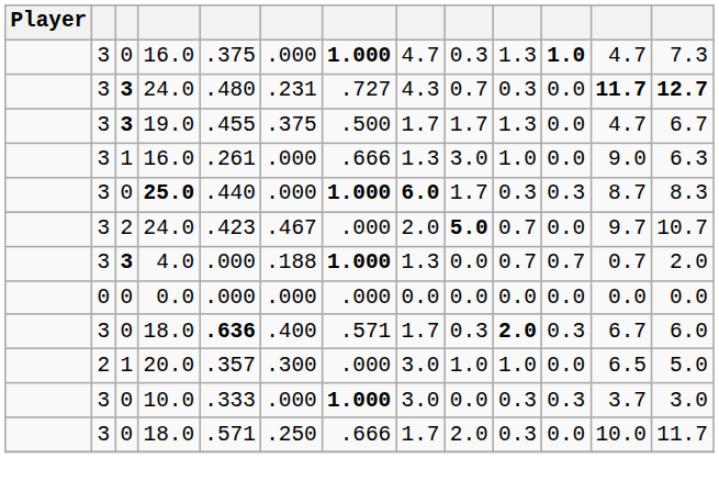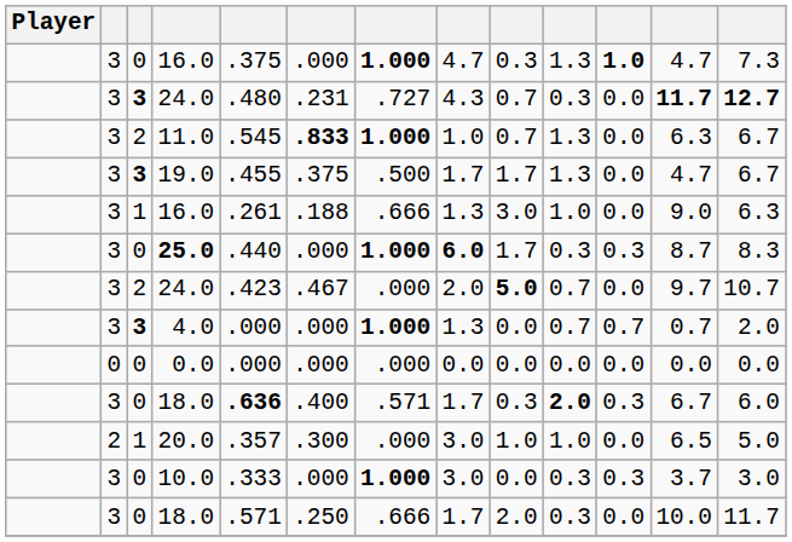 <table class="wikitable sortable" style="font-size:95%; text-align:right">
 <tr>
 <th>Player</th>
 <th></th>
 <th></th>
 <th></th>
 <th></th>
 <th></th>
 <th></th>
 <th></th>
 <th></th>
 <th></th>
 <th></th>
 <th></th>
 <th></th>
 </tr>
 <tr>
 <td><strong></strong></td>
 <td>3</td>
 <td>0</td>
 <td>16.0</td>
 <td>.375</td>
 <td>.000</td>
 <td><strong>1.000</strong></td>
 <td>4.7</td>
 <td>0.3</td>
 <td>1.3</td>
 <td><strong>1.0</strong></td>
 <td>4.7</td>
 <td>7.3</td>
 </tr>
 <tr>
 <td><strong></strong></td>
 <td>3</td>
 <td><strong>3</strong></td>
 <td>24.0</td>
 <td>.480</td>
 <td>.231</td>
 <td>.727</td>
 <td>4.3</td>
 <td>0.7</td>
 <td>0.3</td>
 <td>0.0</td>
 <td><strong>11.7</strong></td>
 <td><strong>12.7</strong></td>
 </tr>
 <tr>
 <td><strong></strong></td>
 <td>3</td>
+<td>2</td>
+<td>11.0</td>
+<td>.545</td>
+<td><strong>.833</strong></td>
+<td><strong>1.000</strong></td>
+<td>1.0</td>
+<td>0.7</td>
+<td>1.3</td>
+<td>0.0</td>
+<td>6.3</td>
+<td>6.7</td>
+</tr>
+<tr>
+<td><strong></strong></td>
+<td>3</td>
 <td><strong>3</strong></td>
 <td>19.0</td>
 <td>.455</td>
 <td>.375</td>
 <td>.500</td>
 <td>1.7</td>
 <td>1.7</td>
 <td>1.3</td>
 <td>0.0</td>
 <td>4.7</td>
 <td>6.7</td>
 </tr>
 <tr>
 <td><strong></strong></td>
 <td>3</td>
 <td>1</td>
 <td>16.0</td>
 <td>.261</td>
-<td>.000</td>
+<td>.188</td>
 <td>.666</td>
 <td>1.3</td>
 <td>3.0</td>
 <td>1.0</td>
 <td>0.0</td>
 <td>9.0</td>
 <td>6.3</td>
 </tr>
 <tr>
 <td><strong></strong></td>
 <td>3</td>
 <td>0</td>
 <td><strong>25.0</strong></td>
 <td>.440</td>
 <td>.000</td>
 <td><strong>1.000</strong></td>
 <td><strong>6.0</strong></td>
 <td>1.7</td>
 <td>0.3</td>
 <td>0.3</td>
 <td>8.7</td>
 <td>8.3</td>
 </tr>
 <tr>
 <td><strong></strong></td>
 <td>3</td>
 <td>2</td>
 <td>24.0</td>
 <td>.423</td>
 <td>.467</td>
 <td>.000</td>
 <td>2.0</td>
 <td><strong>5.0</strong></td>
 <td>0.7</td>
 <td>0.0</td>
 <td>9.7</td>
 <td>10.7</td>
 </tr>
 <tr>
 <td><strong></strong></td>
 <td>3</td>
 <td><strong>3</strong></td>
 <td>4.0</td>
 <td>.000</td>
-<td>.188</td>
+<td>.000</td>
 <td><strong>1.000</strong></td>
 <td>1.3</td>
 <td>0.0</td>
 <td>0.7</td>
 <td>0.7</td>
 <td>0.7</td>
 <td>2.0</td>
 </tr>
 <tr>
 <td><strong></strong></td>
 <td>0</td>
 <td>0</td>
 <td>0.0</td>
 <td>.000</td>
 <td>.000</td>
 <td>.000</td>
 <td>0.0</td>
 <td>0.0</td>
 <td>0.0</td>
 <td>0.0</td>
 <td>0.0</td>
 <td>0.0</td>
 </tr>
 <tr>
 <td><strong></strong></td>
 <td>3</td>
 <td>0</td>
 <td>18.0</td>
 <td><strong>.636</strong></td>
 <td>.400</td>
 <td>.571</td>
 <td>1.7</td>
 <td>0.3</td>
 <td><strong>2.0</strong></td>
 <td>0.3</td>
 <td>6.7</td>
 <td>6.0</td>
 </tr>
 <tr>
 <td><strong></strong></td>
 <td>2</td>
 <td>1</td>
 <td>20.0</td>
 <td>.357</td>
 <td>.300</td>
 <td>.000</td>
 <td>3.0</td>
 <td>1.0</td>
 <td>1.0</td>
 <td>0.0</td>
 <td>6.5</td>
 <td>5.0</td>
 </tr>
 <tr>
 <td><strong></strong></td>
 <td>3</td>
 <td>0</td>
 <td>10.0</td>
 <td>.333</td>
 <td>.000</td>
 <td><strong>1.000</strong></td>
 <td>3.0</td>
 <td>0.0</td>
 <td>0.3</td>
 <td>0.3</td>
 <td>3.7</td>
 <td>3.0</td>
 </tr>
 <tr>
 <td><strong></strong></td>
 <td>3</td>
 <td>0</td>
 <td>18.0</td>
 <td>.571</td>
 <td>.250</td>
 <td>.666</td>
 <td>1.7</td>
 <td>2.0</td>
 <td>0.3</td>
 <td>0.0</td>
 <td>10.0</td>
 <td>11.7</td>
 </tr>
 <tr>
 </tr>
 </table>
